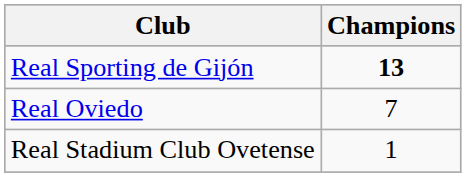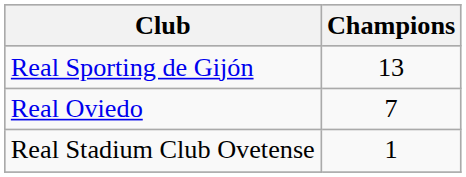 <table class="wikitable">
 <tr>
 <th>Club</th>
 <th>Champions</th>
 </tr>
 <tr>
 <td><a href='#'>Real Sporting de Gijón</a></td>
-<td align=center><strong>13</strong></td>
+<td align=center>13</td>
 </tr>
 <tr>
 <td><a href='#'>Real Oviedo</a></td>
 <td align=center>7</td>
 </tr>
 <tr>
 <td>Real Stadium Club Ovetense</td>
 <td align=center>1</td>
 </tr>
 </table>
